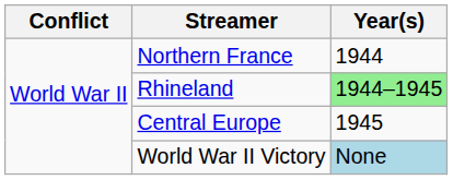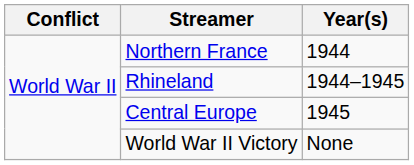 <table class=wikitable>
 <tr style="background:#efefef;">
 <th>Conflict</th>
 <th>Streamer</th>
 <th>Year(s)</th>
 </tr>
 <tr>
 <td rowspan="4"><a href='#'>World War II</a> <br> <br> </td>
 <td><a href='#'>Northern France</a></td>
 <td>1944</td>
 </tr>
 <tr>
 <td><a href='#'>Rhineland</a></td>
-<td style="background: lightgreen;">1944–1945</td>
+<td>1944–1945</td>
 </tr>
 <tr>
 <td><a href='#'>Central Europe</a></td>
 <td>1945</td>
 </tr>
 <tr>
 <td>World War II Victory</td>
-<td style="background: lightblue;">None</td>
+<td>None</td>
 </tr>
 </table>
